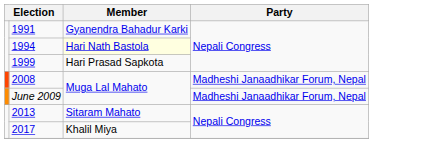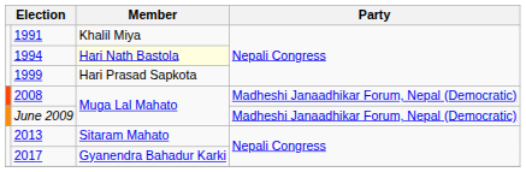 <table class="wikitable">
 <tr>
 <th colspan="2">Election</th>
 <th>Member</th>
 <th>Party</th>
 </tr>
 <tr>
 <td rowspan="3" style="background-color:"></td>
 <td><a href='#'>1991</a></td>
-<td><a href='#'>Gyanendra Bahadur Karki</a></td>
+<td>Khalil Miya</td>
 <td rowspan="3"><a href='#'>Nepali Congress</a></td>
 </tr>
 <tr>
 <td><a href='#'>1994</a></td>
 <td style="background: lightyellow;"><a href='#'>Hari Nath Bastola</a></td>
 </tr>
 <tr>
 <td><a href='#'>1999</a></td>
 <td>Hari Prasad Sapkota</td>
 </tr>
 <tr>
 <td style="background-color:orangered"></td>
 <td><a href='#'>2008</a></td>
 <td rowspan="2"><a href='#'>Muga Lal Mahato</a></td>
-<td><a href='#'>Madheshi Janaadhikar Forum, Nepal</a></td>
+<td><a href='#'>Madheshi Janaadhikar Forum, Nepal (Democratic)</a></td>
 </tr>
 <tr>
 <td style="background-color:darkorange"></td>
 <td><em>June 2009</em></td>
-<td><a href='#'>Madheshi Janaadhikar Forum, Nepal</a></td>
+<td><a href='#'>Madheshi Janaadhikar Forum, Nepal (Democratic)</a></td>
 </tr>
 <tr>
 <td rowspan="2" style="background-color:"></td>
 <td><a href='#'>2013</a></td>
 <td><a href='#'>Sitaram Mahato</a></td>
 <td rowspan="2"><a href='#'>Nepali Congress</a></td>
 </tr>
 <tr>
 <td><a href='#'>2017</a></td>
-<td>Khalil Miya</td>
+<td><a href='#'>Gyanendra Bahadur Karki</a></td>
 </tr>
 <tr>
 </tr>
 </table>
